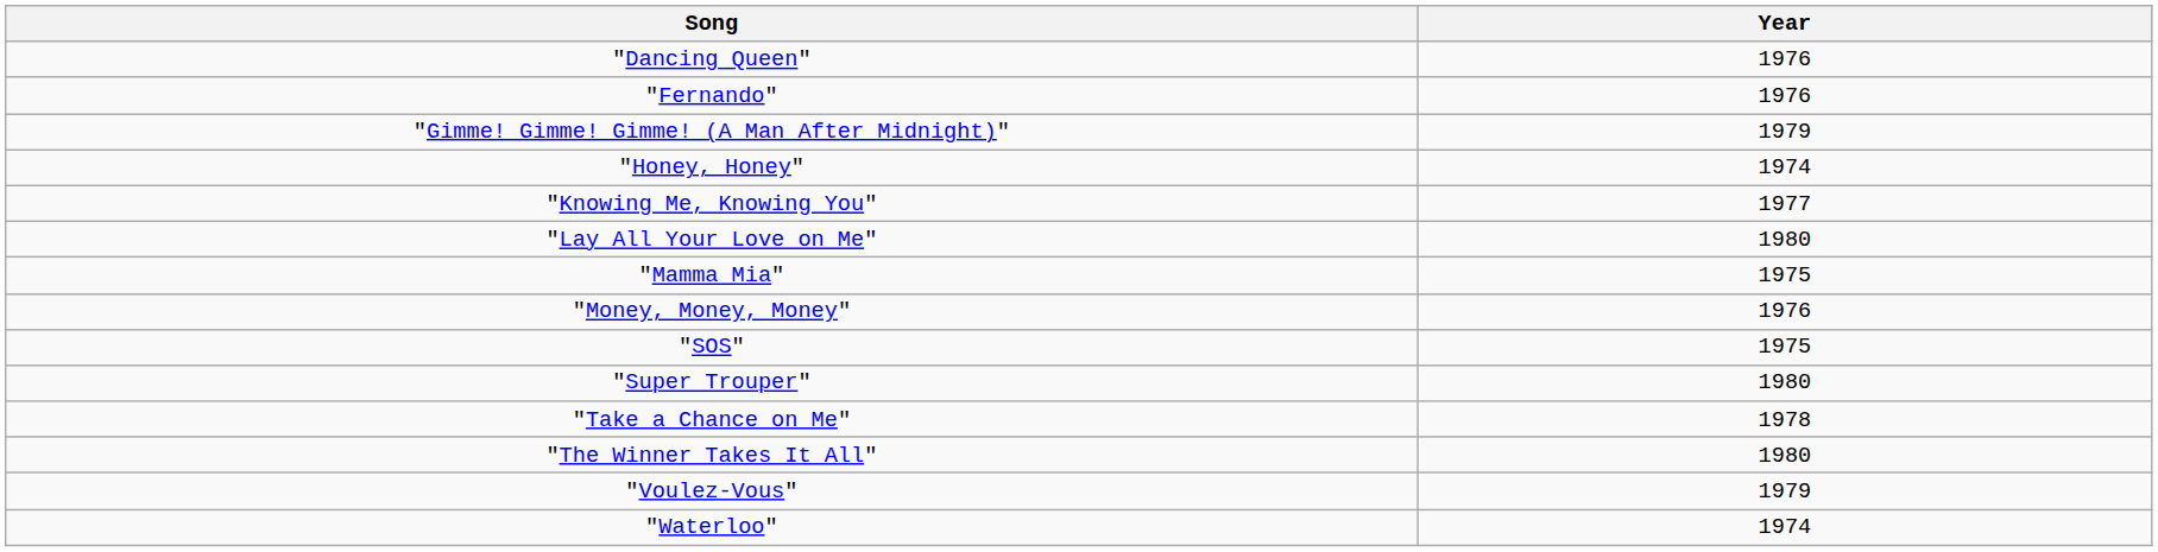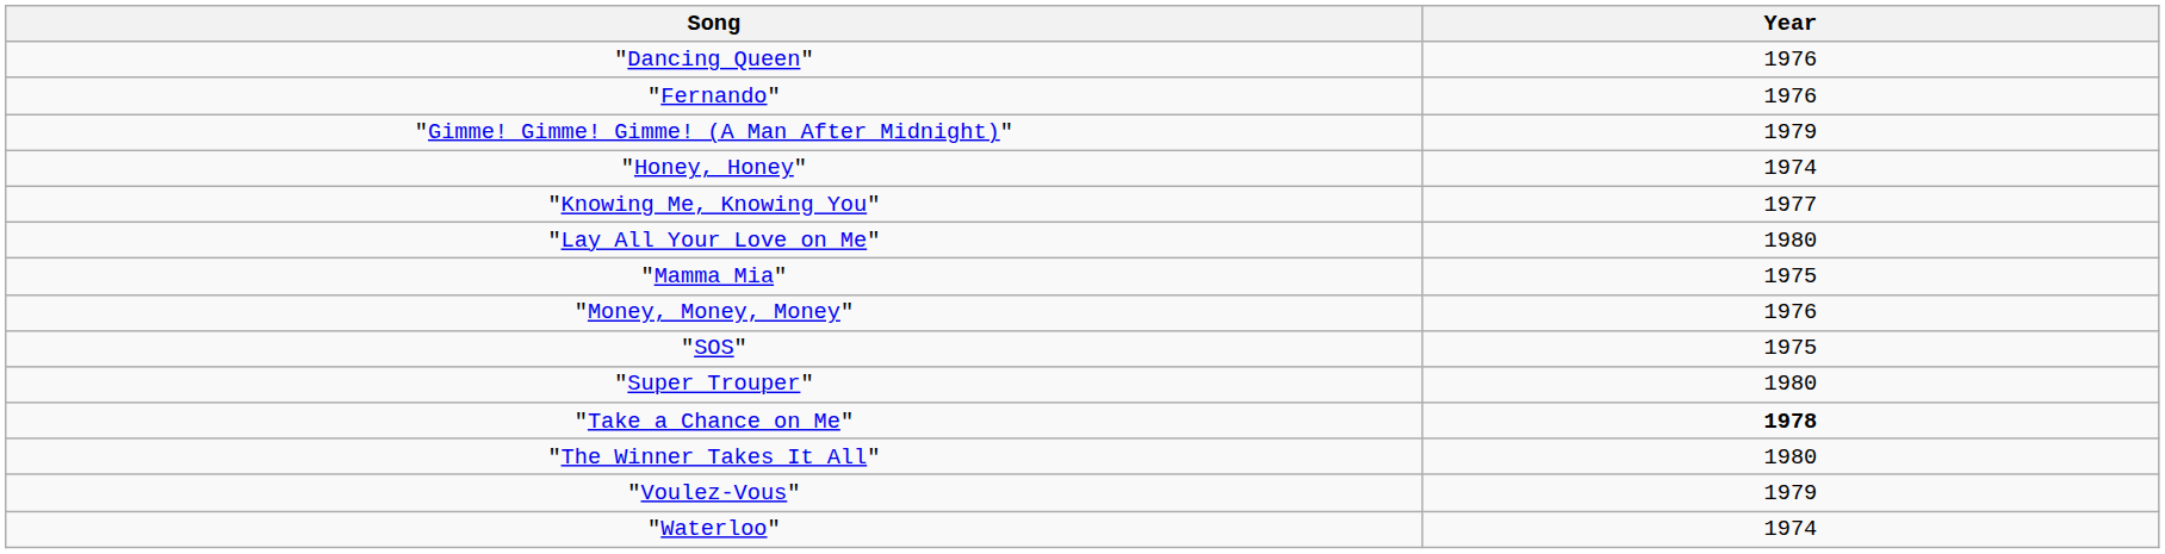 <table class="wikitable sortable" style="text-align:center; width:100%;">
 <tr>
 <th scope="col" style="width:150px;">Song</th>
 <th scope="col" style="width:75px;">Year</th>
 </tr>
 <tr>
 <td>"<a href='#'>Dancing Queen</a>"</td>
 <td>1976</td>
 </tr>
 <tr>
 <td>"<a href='#'>Fernando</a>"</td>
 <td>1976</td>
 </tr>
 <tr>
 <td>"<a href='#'>Gimme! Gimme! Gimme! (A Man After Midnight)</a>"</td>
 <td>1979</td>
 </tr>
 <tr>
 <td>"<a href='#'>Honey, Honey</a>"</td>
 <td>1974</td>
 </tr>
 <tr>
 <td>"<a href='#'>Knowing Me, Knowing You</a>"</td>
 <td>1977</td>
 </tr>
 <tr>
 <td>"<a href='#'>Lay All Your Love on Me</a>"</td>
 <td>1980</td>
 </tr>
 <tr>
 <td>"<a href='#'>Mamma Mia</a>"</td>
 <td>1975</td>
 </tr>
 <tr>
 <td>"<a href='#'>Money, Money, Money</a>"</td>
 <td>1976</td>
 </tr>
 <tr>
 <td>"<a href='#'>SOS</a>"</td>
 <td>1975</td>
 </tr>
 <tr>
 <td>"<a href='#'>Super Trouper</a>"</td>
 <td>1980</td>
 </tr>
 <tr>
 <td>"<a href='#'>Take a Chance on Me</a>"</td>
-<td>1978</td>
+<td><strong>1978</strong></td>
 </tr>
 <tr>
 <td>"<a href='#'>The Winner Takes It All</a>"</td>
 <td>1980</td>
 </tr>
 <tr>
 <td>"<a href='#'>Voulez-Vous</a>"</td>
 <td>1979</td>
 </tr>
 <tr>
 <td>"<a href='#'>Waterloo</a>"</td>
 <td>1974</td>
 </tr>
 </table>
